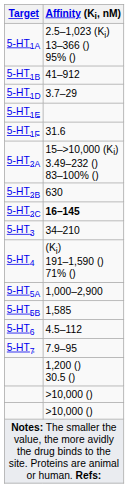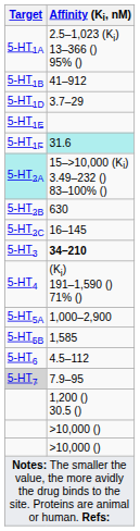 <table class="wikitable floatright" style="font-size:small;">
 <tr>
 <th><a href='#'>Target</a></th>
 <th><a href='#'>Affinity</a> (K<sub>i</sub>, nM)</th>
 </tr>
 <tr>
 <td><a href='#'>5-HT<sub>1A</sub></a></td>
 <td>2.5–1,023 (K<sub>i</sub>)<br>13–366 ()<br>95% ()</td>
 </tr>
 <tr>
 <td><a href='#'>5-HT<sub>1B</sub></a></td>
 <td>41–912</td>
 </tr>
 <tr>
 <td><a href='#'>5-HT<sub>1D</sub></a></td>
 <td>3.7–29</td>
 </tr>
 <tr>
 <td><a href='#'>5-HT<sub>1E</sub></a></td>
 <td></td>
 </tr>
 <tr>
 <td><a href='#'>5-HT<sub>1F</sub></a></td>
-<td>31.6</td>
+<td style="background: paleturquoise;">31.6</td>
 </tr>
 <tr>
-<td><a href='#'>5-HT<sub>2A</sub></a></td>
+<td style="background: paleturquoise;"><a href='#'>5-HT<sub>2A</sub></a></td>
 <td>15–>10,000 (K<sub>i</sub>)<br>3.49–232 ()<br>83–100% ()</td>
 </tr>
 <tr>
 <td><a href='#'>5-HT<sub>2B</sub></a></td>
 <td>630</td>
 </tr>
 <tr>
 <td><a href='#'>5-HT<sub>2C</sub></a></td>
-<td><strong>16–145</strong></td>
+<td>16–145</td>
 </tr>
 <tr>
 <td><a href='#'>5-HT<sub>3</sub></a></td>
-<td>34–210</td>
+<td><strong>34–210</strong></td>
 </tr>
 <tr>
 <td><a href='#'>5-HT<sub>4</sub></a></td>
 <td> (K<sub>i</sub>)<br>191–1,590 ()<br>71% ()</td>
 </tr>
 <tr>
 <td><a href='#'>5-HT<sub>5A</sub></a></td>
 <td>1,000–2,900</td>
 </tr>
 <tr>
 <td><a href='#'>5-HT<sub>5B</sub></a></td>
 <td>1,585</td>
 </tr>
 <tr>
 <td><a href='#'>5-HT<sub>6</sub></a></td>
 <td>4.5–112</td>
 </tr>
 <tr>
-<td><a href='#'>5-HT<sub>7</sub></a></td>
+<td style="background: lightgrey;"><a href='#'>5-HT<sub>7</sub></a></td>
 <td>7.9–95</td>
 </tr>
 <tr>
 <td></td>
 <td>1,200 ()<br>30.5 ()</td>
 </tr>
 <tr>
 <td></td>
 <td>>10,000 ()</td>
 </tr>
 <tr>
 <td></td>
 <td>>10,000 ()</td>
 </tr>
 <tr class="sortbottom">
 <td colspan="2" style="width: 1px; background-color:#eaecf0; text-align: center;"><strong>Notes:</strong> The smaller the value, the more avidly the drug binds to the site. Proteins are animal or human. <strong>Refs:</strong> <br></td>
 </tr>
 </table>
